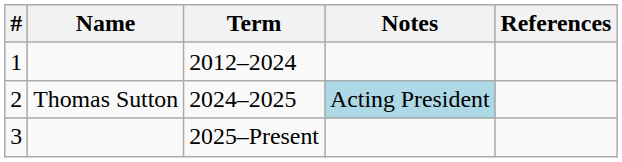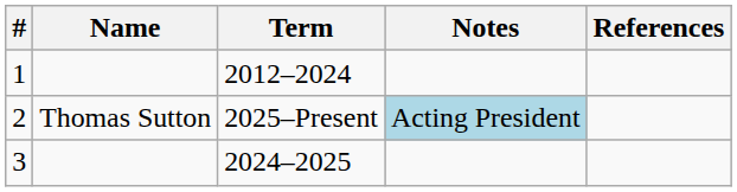 <table class="wikitable sortable" border="1">
 <tr>
 <th>#</th>
 <th>Name</th>
 <th>Term</th>
 <th>Notes</th>
 <th class="unsortable">References</th>
 </tr>
 <tr>
 <td>1</td>
 <td></td>
 <td> 2012–2024</td>
 <td></td>
 <td align="center"></td>
 </tr>
 <tr>
 <td>2</td>
 <td>Thomas Sutton</td>
-<td>2024–2025</td>
+<td>2025–Present</td>
 <td style="background: lightblue;">Acting President</td>
 <td align="center"></td>
 </tr>
 <tr>
 <td>3</td>
 <td></td>
-<td>2025–Present</td>
+<td>2024–2025</td>
 <td></td>
 <td align="center"></td>
 </tr>
 </table>
